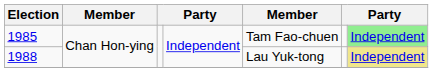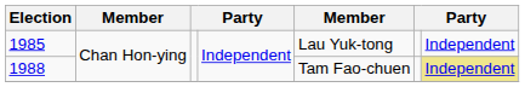 <table class="wikitable">
 <tr>
 <th>Election</th>
 <th>Member</th>
 <th colspan="2">Party</th>
 <th>Member</th>
 <th colspan="2">Party</th>
 </tr>
 <tr>
 <td><a href='#'>1985</a></td>
 <td rowspan=2>Chan Hon-ying</td>
 <td rowspan=2 style="background-color: "></td>
 <td rowspan=2><a href='#'>Independent</a></td>
-<td>Tam Fao-chuen</td>
+<td>Lau Yuk-tong</td>
 <td style="background-color: "></td>
-<td style="background: lightgreen;"><a href='#'>Independent</a></td>
+<td><a href='#'>Independent</a></td>
 </tr>
 <tr>
 <td><a href='#'>1988</a></td>
-<td>Lau Yuk-tong</td>
+<td>Tam Fao-chuen</td>
 <td style="background-color: "></td>
 <td style="background: khaki;"><a href='#'>Independent</a></td>
 </tr>
 <tr>
 </tr>
 </table>
